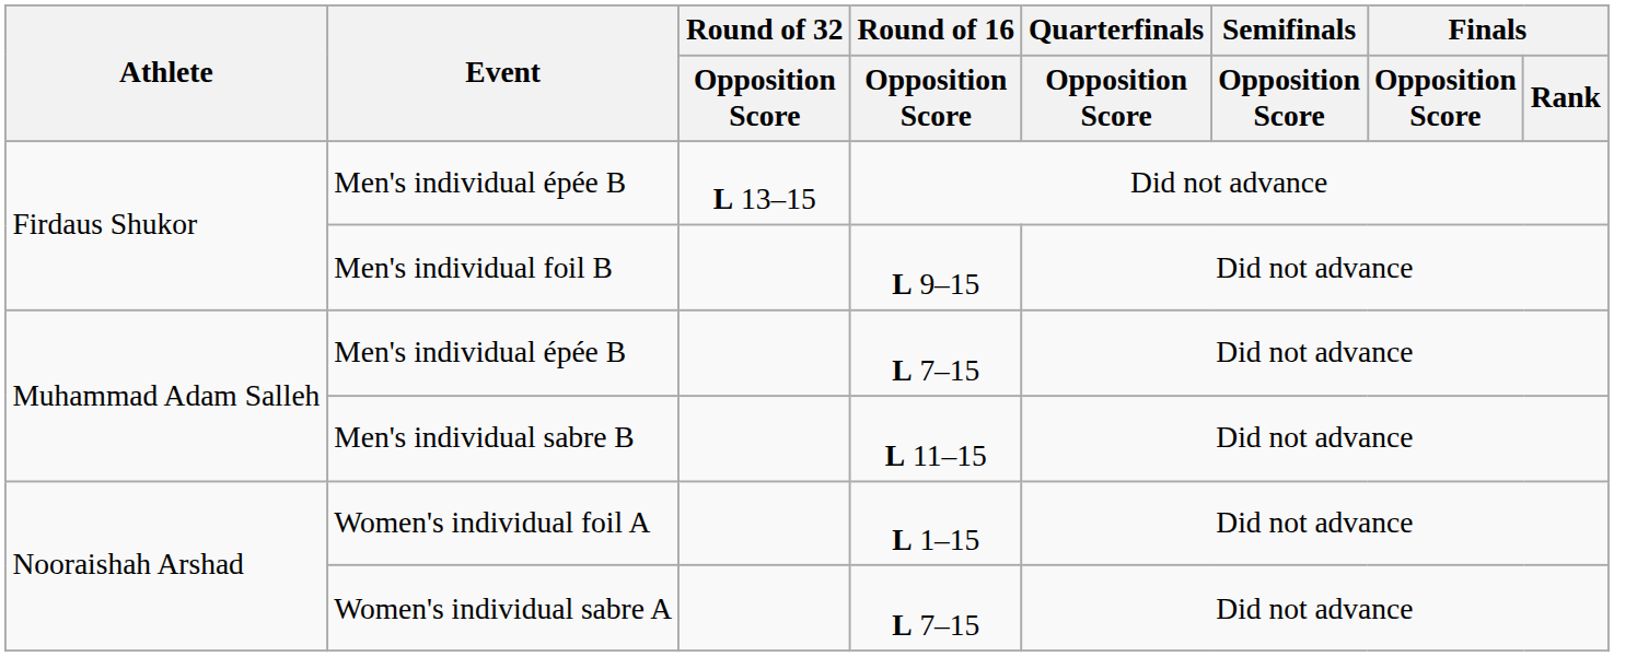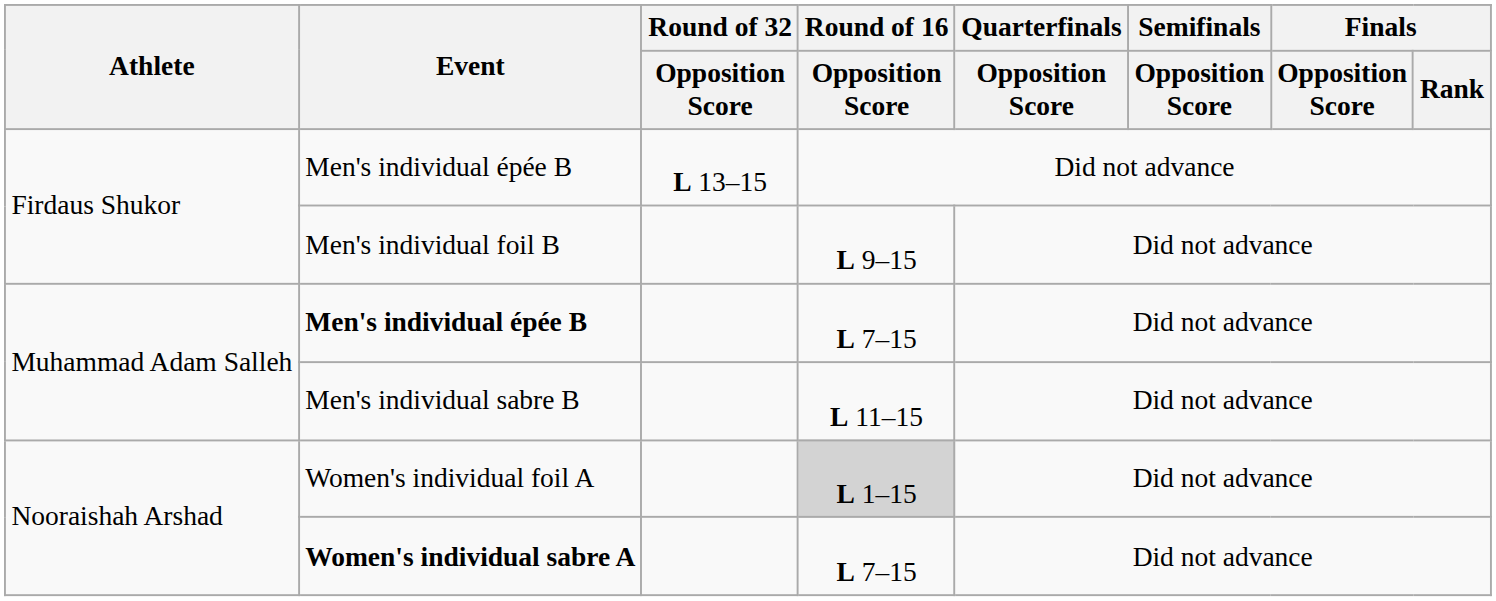 <table class=wikitable style="font-size:90%">
 <tr>
 <th rowspan="2">Athlete</th>
 <th rowspan="2">Event</th>
 <th>Round of 32</th>
 <th>Round of 16</th>
 <th>Quarterfinals</th>
 <th>Semifinals</th>
 <th colspan="2">Finals</th>
 </tr>
 <tr>
 <th>Opposition<br>Score</th>
 <th>Opposition<br>Score</th>
 <th>Opposition<br>Score</th>
 <th>Opposition<br>Score</th>
 <th>Opposition<br>Score</th>
 <th>Rank</th>
 </tr>
 <tr align=center>
 <td align=left rowspan="2">Firdaus Shukor</td>
 <td align=left>Men's individual épée B</td>
 <td><br><strong>L</strong> 13–15</td>
 <td colspan="5">Did not advance</td>
 </tr>
 <tr align=center>
 <td align=left>Men's individual foil B</td>
 <td></td>
 <td><br><strong>L</strong> 9–15</td>
 <td colspan="4">Did not advance</td>
 </tr>
 <tr align=center>
 <td align=left rowspan="2">Muhammad Adam Salleh</td>
-<td align=left>Men's individual épée B</td>
+<td align=left><strong>Men's individual épée B</strong></td>
 <td></td>
 <td><br><strong>L</strong> 7–15</td>
 <td colspan="4">Did not advance</td>
 </tr>
 <tr align=center>
 <td align=left>Men's individual sabre B</td>
 <td></td>
 <td><br><strong>L</strong> 11–15</td>
 <td colspan="4">Did not advance</td>
 </tr>
 <tr align=center>
 <td align=left rowspan="2">Nooraishah Arshad</td>
 <td align=left>Women's individual foil A</td>
 <td></td>
-<td><br><strong>L</strong> 1–15</td>
+<td style="background: lightgrey;"><br><strong>L</strong> 1–15</td>
 <td colspan="4">Did not advance</td>
 </tr>
 <tr align=center>
-<td align=left>Women's individual sabre A</td>
+<td align=left><strong>Women's individual sabre A</strong></td>
 <td></td>
 <td><br><strong>L</strong> 7–15</td>
 <td colspan="4">Did not advance</td>
 </tr>
 </table>
